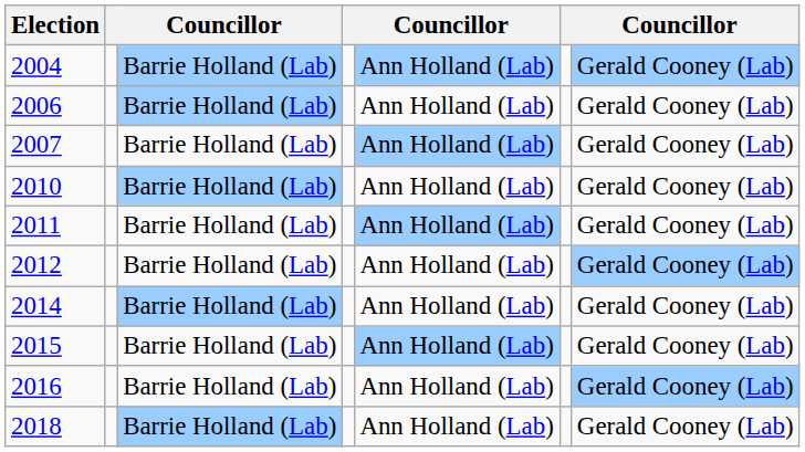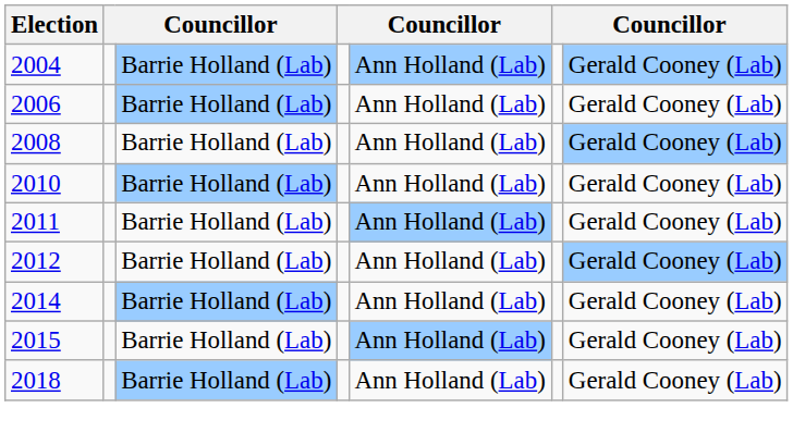 <table class="wikitable">
 <tr>
 <th>Election</th>
 <th colspan="2">Councillor</th>
 <th colspan="2">Councillor</th>
 <th colspan="2">Councillor</th>
 </tr>
 <tr>
 <td><a href='#'>2004</a></td>
 <td style="background-color: "></td>
 <td bgcolor="#99CCFF">Barrie Holland (<a href='#'>Lab</a>)</td>
 <td style="background-color: "></td>
 <td bgcolor="#99CCFF">Ann Holland (<a href='#'>Lab</a>)</td>
 <td style="background-color: "></td>
 <td bgcolor="#99CCFF">Gerald Cooney (<a href='#'>Lab</a>)</td>
 </tr>
 <tr>
 <td><a href='#'>2006</a></td>
 <td style="background-color: "></td>
 <td bgcolor="#99CCFF">Barrie Holland (<a href='#'>Lab</a>)</td>
 <td style="background-color: "></td>
 <td>Ann Holland (<a href='#'>Lab</a>)</td>
 <td style="background-color: "></td>
 <td>Gerald Cooney (<a href='#'>Lab</a>)</td>
 </tr>
 <tr>
-<td><a href='#'>2007</a></td>
+<td><a href='#'>2008</a></td>
 <td style="background-color: "></td>
 <td>Barrie Holland (<a href='#'>Lab</a>)</td>
 <td style="background-color: "></td>
-<td bgcolor="#99CCFF">Ann Holland (<a href='#'>Lab</a>)</td>
+<td>Ann Holland (<a href='#'>Lab</a>)</td>
 <td style="background-color: "></td>
-<td>Gerald Cooney (<a href='#'>Lab</a>)</td>
+<td bgcolor="#99CCFF">Gerald Cooney (<a href='#'>Lab</a>)</td>
 </tr>
 <tr>
 <td><a href='#'>2010</a></td>
 <td style="background-color: "></td>
 <td bgcolor="#99CCFF">Barrie Holland (<a href='#'>Lab</a>)</td>
 <td style="background-color: "></td>
 <td>Ann Holland (<a href='#'>Lab</a>)</td>
 <td style="background-color: "></td>
 <td>Gerald Cooney (<a href='#'>Lab</a>)</td>
 </tr>
 <tr>
 <td><a href='#'>2011</a></td>
 <td style="background-color: "></td>
 <td>Barrie Holland (<a href='#'>Lab</a>)</td>
 <td style="background-color: "></td>
 <td bgcolor="#99CCFF">Ann Holland (<a href='#'>Lab</a>)</td>
 <td style="background-color: "></td>
 <td>Gerald Cooney (<a href='#'>Lab</a>)</td>
 </tr>
 <tr>
 <td><a href='#'>2012</a></td>
 <td style="background-color: "></td>
 <td>Barrie Holland (<a href='#'>Lab</a>)</td>
 <td style="background-color: "></td>
 <td>Ann Holland (<a href='#'>Lab</a>)</td>
 <td style="background-color: "></td>
 <td bgcolor="#99CCFF">Gerald Cooney (<a href='#'>Lab</a>)</td>
 </tr>
 <tr>
 <td><a href='#'>2014</a></td>
 <td style="background-color: "></td>
 <td bgcolor="#99CCFF">Barrie Holland (<a href='#'>Lab</a>)</td>
 <td style="background-color: "></td>
 <td>Ann Holland (<a href='#'>Lab</a>)</td>
 <td style="background-color: "></td>
 <td>Gerald Cooney (<a href='#'>Lab</a>)</td>
 </tr>
 <tr>
 <td><a href='#'>2015</a></td>
 <td style="background-color: "></td>
 <td>Barrie Holland (<a href='#'>Lab</a>)</td>
 <td style="background-color: "></td>
 <td bgcolor="#99CCFF">Ann Holland (<a href='#'>Lab</a>)</td>
 <td style="background-color: "></td>
 <td>Gerald Cooney (<a href='#'>Lab</a>)</td>
 </tr>
 <tr>
-<td><a href='#'>2016</a></td>
-<td style="background-color: "></td>
-<td>Barrie Holland (<a href='#'>Lab</a>)</td>
-<td style="background-color: "></td>
-<td>Ann Holland (<a href='#'>Lab</a>)</td>
-<td style="background-color: "></td>
-<td bgcolor="#99CCFF">Gerald Cooney (<a href='#'>Lab</a>)</td>
-</tr>
-<tr>
 <td><a href='#'>2018</a></td>
 <td style="background-color: "></td>
 <td bgcolor="#99CCFF">Barrie Holland (<a href='#'>Lab</a>)</td>
 <td style="background-color: "></td>
 <td>Ann Holland (<a href='#'>Lab</a>)</td>
 <td style="background-color: "></td>
 <td>Gerald Cooney (<a href='#'>Lab</a>)</td>
 </tr>
 </table>
